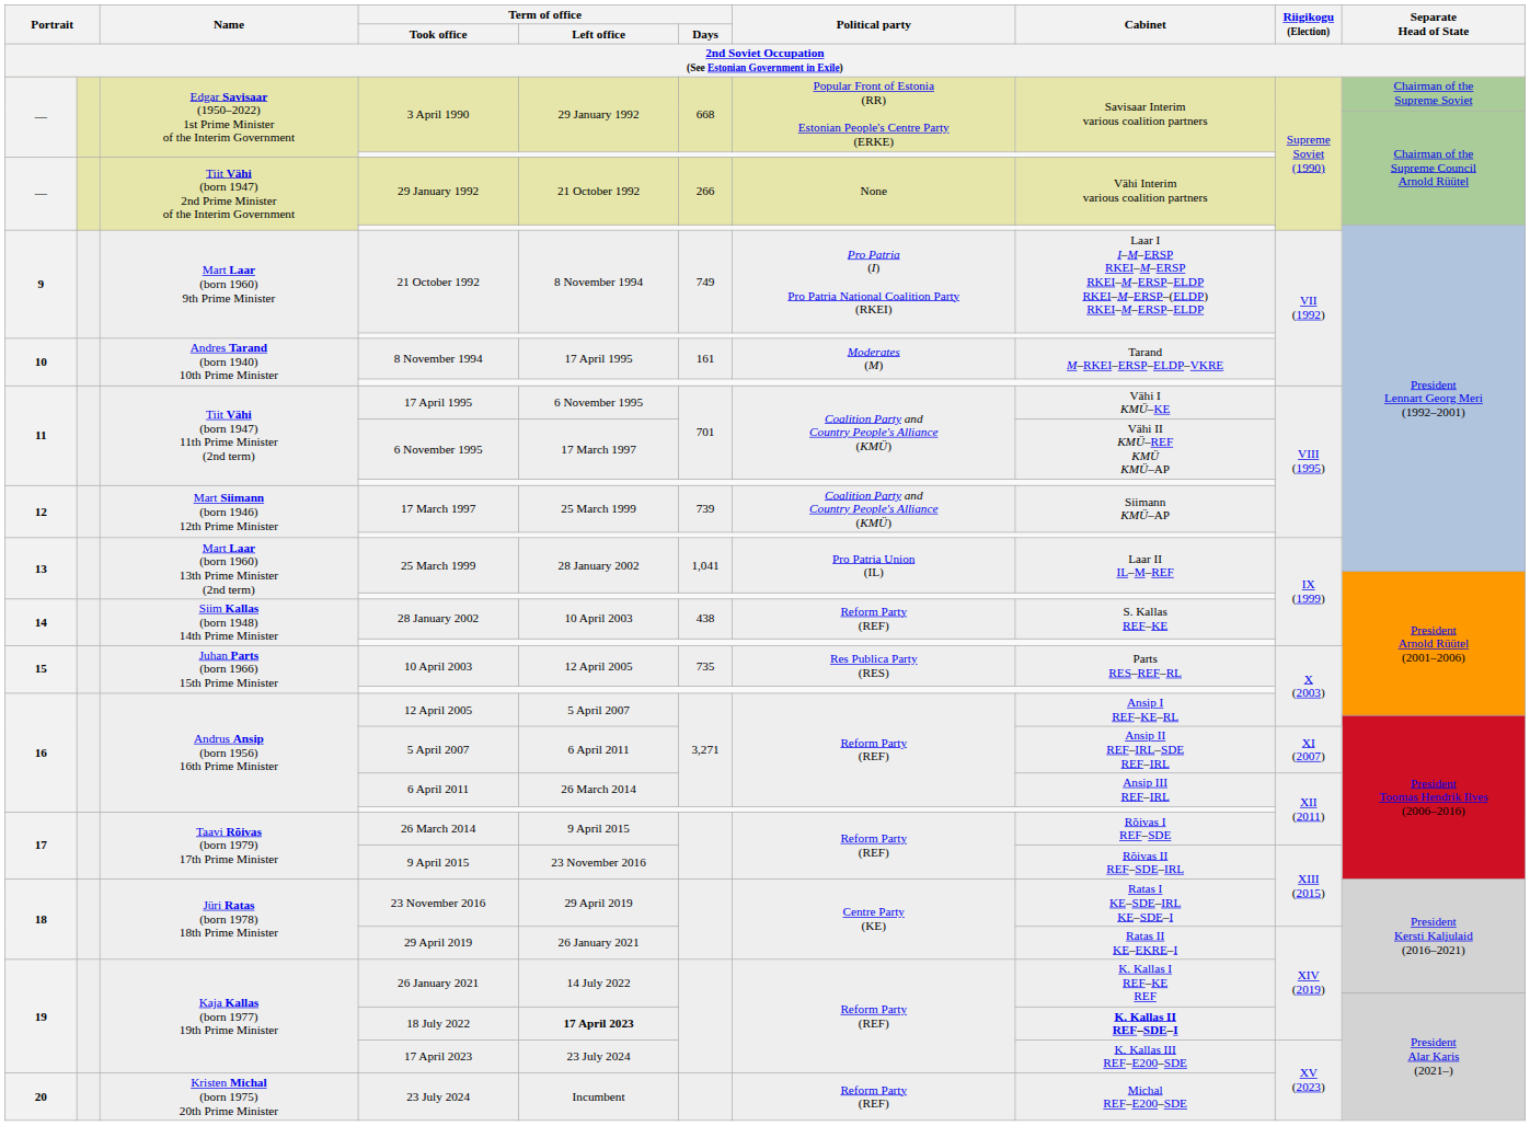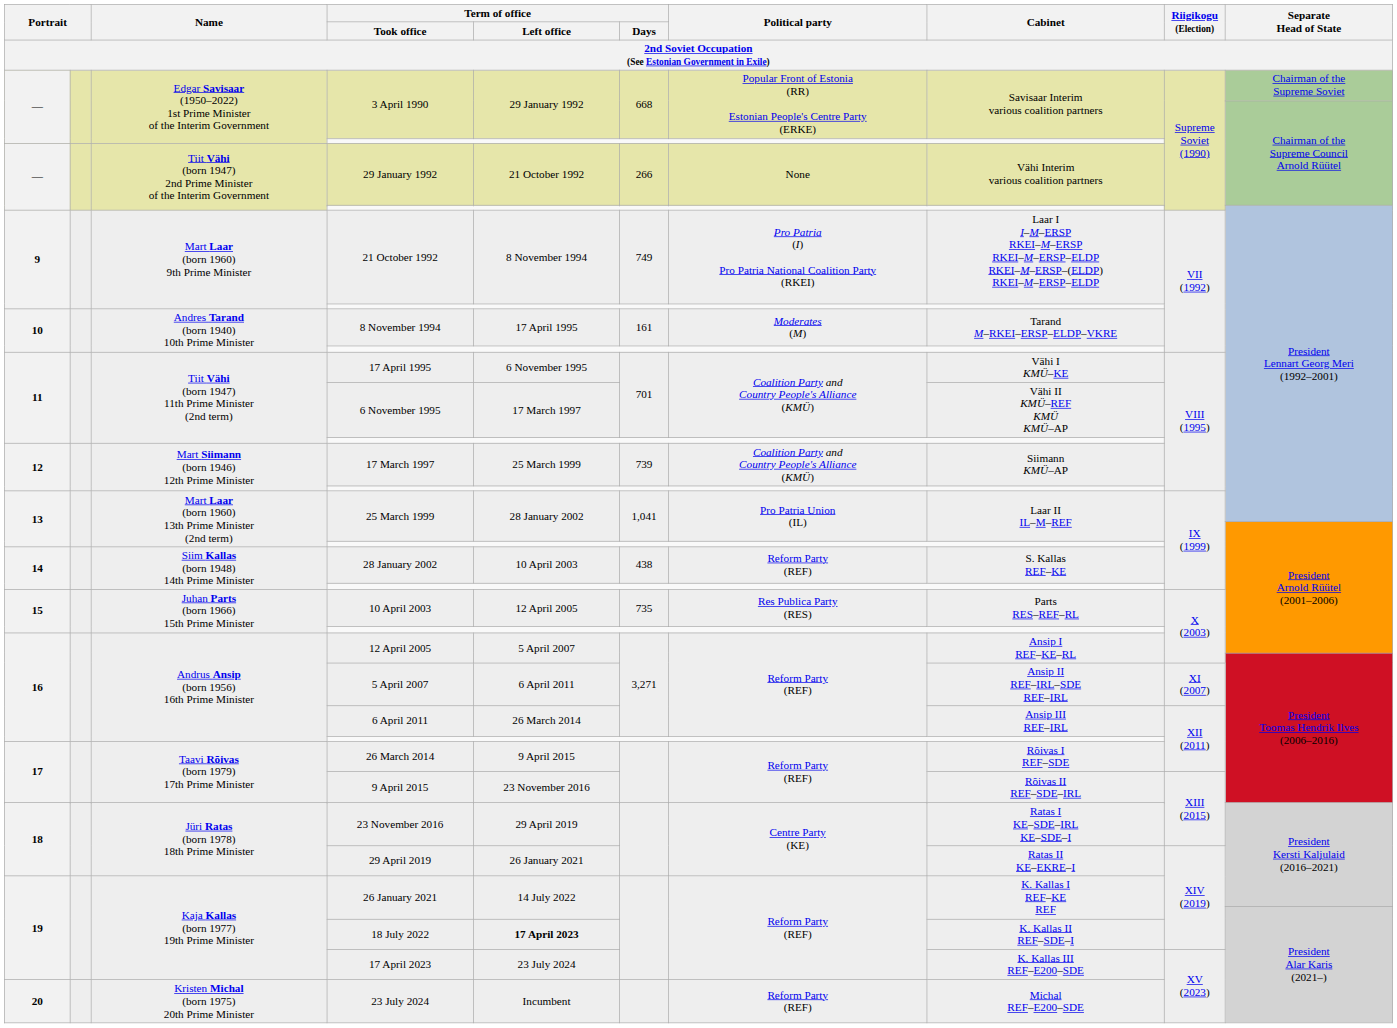 <table class="wikitable" style="text-align:center; width:100%; border:1px #AAAAFF solid">
 <tr>
 <th width=70 colspan=2 rowspan=2>Portrait</th>
 <th width=17% rowspan=2>Name</th>
 <th width=200 colspan=3>Term of office</th>
 <th rowspan=2>Political party</th>
 <th rowspan=2>Cabinet</th>
 <th width=80 rowspan=2><a href='#'>Riigikogu</a><br><small>(Election)</small></th>
 <th rowspan=2>Separate<br>Head of State</th>
 </tr>
 <tr>
 <th>Took office</th>
 <th>Left office</th>
 <th>Days</th>
 </tr>
 <tr>
 <th colspan=10><a href='#'>2nd Soviet Occupation</a><br><small>(See <a href='#'>Estonian Government in Exile</a>)</small></th>
 </tr>
 <tr bgcolor=#E6E6AA>
 <th rowspan=3 style="background:">—</th>
 <td rowspan=3></td>
 <td rowspan=3><a href='#'>Edgar <strong>Savisaar</strong></a><br>(1950–2022)<br>1st Prime Minister<br>of the Interim Government</td>
 <td rowspan=2>3 April 1990<br></td>
 <td rowspan=2>29 January 1992</td>
 <td rowspan=2>668</td>
 <td rowspan=2><a href='#'>Popular Front of Estonia</a><br>(<abbr>RR</abbr>)<br><br><a href='#'>Estonian People's Centre Party</a><br>(ERKE)</td>
 <td rowspan=2>Savisaar Interim<br>various coalition partners</td>
 <td rowspan=6><a href='#'>Supreme<br>Soviet<br>(1990)</a><br></td>
 <td bgcolor=#AACC99><a href='#'>Chairman of the<br>Supreme Soviet</a></td>
 </tr>
 <tr>
 <td bgcolor=#AACC99 rowspan=3><a href='#'>Chairman of the<br>Supreme Council</a><br><a href='#'>Arnold Rüütel</a><br></td>
 </tr>
 <tr>
 <td colspan="5" style="text-align:left;"></td>
 </tr>
 <tr bgcolor=#E6E6AA style="height:12ex" >
 <th rowspan=3 style="background:">—</th>
 <td rowspan=3></td>
 <td rowspan=3><a href='#'>Tiit <strong>Vähi</strong></a><br>(born 1947)<br>2nd Prime Minister<br>of the Interim Government</td>
 <td rowspan=2>29 January 1992</td>
 <td rowspan=2>21 October 1992</td>
 <td rowspan=2>266</td>
 <td rowspan=2>None</td>
 <td rowspan=2>Vähi Interim<br>various coalition partners</td>
 </tr>
 <tr>
 <td bgcolor=lightsteelblue rowspan=12><a href='#'>President</a><br><a href='#'>Lennart Georg Meri</a><br>(1992–2001)<br></td>
 </tr>
 <tr>
 <td colspan="5" style="text-align:left;"></td>
 </tr>
 <tr bgcolor=#EEEEEE>
 <th rowspan=2 style="background:">9</th>
 <td rowspan=2></td>
 <td rowspan=2><a href='#'>Mart <strong>Laar</strong></a><br>(born 1960)<br>9th Prime Minister</td>
 <td>21 October 1992</td>
 <td>8 November 1994</td>
 <td>749</td>
 <td><a href='#'><em>Pro Patria</em></a><br>(<em>I</em>)<br><br><a href='#'>Pro Patria National Coalition Party</a><br>(RKEI)</td>
 <td>Laar I<br><em><a href='#'>I</a></em>–<em><a href='#'>M</a></em>–<a href='#'>ERSP</a><br><a href='#'>RKEI</a>–<em><a href='#'>M</a></em>–<a href='#'>ERSP</a><br><a href='#'>RKEI</a>–<em><a href='#'>M</a></em>–<a href='#'>ERSP</a>–<a href='#'>ELDP</a><br><a href='#'>RKEI</a>–<em><a href='#'>M</a></em>–<a href='#'>ERSP</a>–(<a href='#'>ELDP</a>)<br><a href='#'>RKEI</a>–<em><a href='#'>M</a></em>–<a href='#'>ERSP</a>–<a href='#'>ELDP</a><br><br></td>
 <td rowspan=4><a href='#'>VII</a><br>(<a href='#'>1992</a>)</td>
 </tr>
 <tr>
 <td colspan="5" style="text-align:left;"></td>
 </tr>
 <tr bgcolor=#EEEEEE>
 <th rowspan=2 style="background:">10</th>
 <td rowspan=2></td>
 <td rowspan=2><a href='#'>Andres <strong>Tarand</strong></a><br>(born 1940)<br>10th Prime Minister</td>
 <td>8 November 1994</td>
 <td>17 April 1995</td>
 <td>161</td>
 <td><a href='#'><em>Moderates</em></a><br>(<em>M</em>)<br></td>
 <td>Tarand<br><em><a href='#'>M</a></em>–<a href='#'>RKEI</a>–<a href='#'>ERSP</a>–<a href='#'>ELDP</a>–<a href='#'>VKRE</a><br></td>
 </tr>
 <tr>
 <td colspan="5" style="text-align:left;"></td>
 </tr>
 <tr bgcolor=#EEEEEE>
 <th rowspan=3 style="background:">11</th>
 <td rowspan=3></td>
 <td rowspan=3><a href='#'>Tiit <strong>Vähi</strong></a><br>(born 1947)<br>11th Prime Minister<br>(2nd term)</td>
 <td>17 April 1995</td>
 <td>6 November 1995</td>
 <td rowspan=2>701</td>
 <td rowspan=2><em><a href='#'>Coalition Party</a> and<br><a href='#'>Country People's Alliance</a></em><br>(<em>KMÜ</em>)</td>
 <td>Vähi I<br><em>KMÜ</em>–<a href='#'>KE</a></td>
 <td rowspan=5><a href='#'>VIII</a><br>(<a href='#'>1995</a>)</td>
 </tr>
 <tr bgcolor=#EEEEEE>
 <td>6 November 1995</td>
 <td>17 March 1997</td>
 <td>Vähi II<br><em>KMÜ</em>–<a href='#'>REF</a><br><em>KMÜ</em><br><em>KMÜ</em>–<abbr>AP</abbr><br></td>
 </tr>
 <tr>
 <td colspan="5" style="text-align:left;"></td>
 </tr>
 <tr bgcolor=#EEEEEE>
 <th rowspan=2 style="background:">12</th>
 <td rowspan=2></td>
 <td rowspan=2><a href='#'>Mart <strong>Siimann</strong></a><br>(born 1946)<br>12th Prime Minister</td>
 <td>17 March 1997</td>
 <td>25 March 1999</td>
 <td>739</td>
 <td><em><a href='#'>Coalition Party</a> and<br><a href='#'>Country People's Alliance</a></em><br>(<em>KMÜ</em>)</td>
 <td>Siimann<br><em>KMÜ</em>–AP</td>
 </tr>
 <tr>
 <td colspan="5" style="text-align:left;"></td>
 </tr>
 <tr bgcolor=#EEEEEE style="height:6ex" >
 <th rowspan=3 style="background:">13</th>
 <td rowspan=3></td>
 <td rowspan=3><a href='#'>Mart <strong>Laar</strong></a><br>(born 1960)<br>13th Prime Minister<br>(2nd term)</td>
 <td rowspan=2>25 March 1999</td>
 <td rowspan=2>28 January 2002</td>
 <td rowspan=2>1,041</td>
 <td rowspan=2><a href='#'>Pro Patria Union</a><br>(IL)</td>
 <td rowspan=2>Laar II<br><a href='#'>IL</a>–<a href='#'>M</a>–<a href='#'>REF</a></td>
 <td rowspan=5><a href='#'>IX</a><br>(<a href='#'>1999</a>)</td>
 </tr>
 <tr>
 <td bgcolor=#FF9900 rowspan=7><a href='#'>President</a><br><a href='#'>Arnold Rüütel</a><br>(2001–2006)<br></td>
 </tr>
 <tr>
 <td colspan="5" style="text-align:left;"></td>
 </tr>
 <tr bgcolor=#EEEEEE>
 <th rowspan=2 style="background:">14</th>
 <td rowspan=2></td>
 <td rowspan=2><a href='#'>Siim <strong>Kallas</strong></a><br>(born 1948)<br>14th Prime Minister</td>
 <td>28 January 2002</td>
 <td>10 April 2003</td>
 <td>438</td>
 <td><a href='#'>Reform Party</a><br>(REF)</td>
 <td>S. Kallas<br><a href='#'>REF</a>–<a href='#'>KE</a></td>
 </tr>
 <tr>
 <td colspan="5" style="text-align:left;"></td>
 </tr>
 <tr bgcolor=#EEEEEE>
 <th rowspan=2 style="background:">15</th>
 <td rowspan=2></td>
 <td rowspan=2><a href='#'>Juhan <strong>Parts</strong></a><br>(born 1966)<br>15th Prime Minister</td>
 <td>10 April 2003</td>
 <td>12 April 2005</td>
 <td>735</td>
 <td><a href='#'>Res Publica Party</a><br>(RES)</td>
 <td>Parts<br><a href='#'>RES</a>–<a href='#'>REF</a>–<a href='#'>RL</a></td>
 <td rowspan=4><a href='#'>X</a><br>(<a href='#'>2003</a>)</td>
 </tr>
 <tr>
 <td colspan="5" style="text-align:left;"></td>
 </tr>
 <tr bgcolor=#EEEEEE style="height:4ex" >
 <th rowspan=5 style="background:">16</th>
 <td rowspan=5></td>
 <td rowspan=5><a href='#'>Andrus <strong>Ansip</strong></a><br>(born 1956)<br>16th Prime Minister</td>
 <td rowspan=2>12 April 2005</td>
 <td rowspan=2>5 April 2007</td>
 <td rowspan=4>3,271</td>
 <td rowspan=4><a href='#'>Reform Party</a><br>(REF)</td>
 <td rowspan=2><a href='#'>Ansip I</a><br><a href='#'>REF</a>–<a href='#'>KE</a>–<a href='#'>RL</a></td>
 </tr>
 <tr>
 <td bgcolor=#CF1024 rowspan=6><a href='#'>President</a><br><a href='#'>Toomas Hendrik Ilves</a><br>(2006–2016)<br></td>
 </tr>
 <tr bgcolor=#EEEEEE>
 <td>5 April 2007</td>
 <td>6 April 2011</td>
 <td><a href='#'>Ansip II</a><br><a href='#'>REF</a>–<a href='#'>IRL</a>–<a href='#'>SDE</a><br><a href='#'>REF</a>–<a href='#'>IRL</a><br></td>
 <td><a href='#'>XI</a><br>(<a href='#'>2007</a>)</td>
 </tr>
 <tr bgcolor=#EEEEEE>
 <td>6 April 2011</td>
 <td>26 March 2014</td>
 <td><a href='#'>Ansip III</a><br><a href='#'>REF</a>–<a href='#'>IRL</a></td>
 <td rowspan=3><a href='#'>XII</a><br>(<a href='#'>2011</a>)</td>
 </tr>
 <tr>
 <td colspan="5" style="text-align:left;"></td>
 </tr>
 <tr bgcolor=#EEEEEE>
 <th rowspan=3 style="background:">17</th>
 <td rowspan=3></td>
 <td rowspan=3><a href='#'>Taavi <strong>Rõivas</strong></a><br>(born 1979)<br>17th Prime Minister</td>
 <td>26 March 2014</td>
 <td>9 April 2015</td>
 <td rowspan=3></td>
 <td rowspan=3><a href='#'>Reform Party</a><br>(REF)</td>
 <td><a href='#'>Rõivas I</a><br><a href='#'>REF</a>–<a href='#'>SDE</a></td>
 </tr>
 <tr bgcolor=#EEEEEE style="height:6ex" >
 <td rowspan=2>9 April 2015</td>
 <td rowspan=2>23 November 2016</td>
 <td rowspan=2><a href='#'>Rõivas II</a><br><a href='#'>REF</a>–<a href='#'>SDE</a>–<a href='#'>IRL</a></td>
 <td rowspan=3><a href='#'>XIII</a><br>(<a href='#'>2015</a>)</td>
 </tr>
 <tr>
 <td bgcolor=#D3D3D3 rowspan=4><a href='#'>President</a><br><a href='#'>Kersti Kaljulaid</a><br>(2016–2021)</td>
 </tr>
 <tr bgcolor=#EEEEEE>
 <th rowspan="2" style="background:">18</th>
 <td rowspan="2"></td>
 <td rowspan="2"><a href='#'>Jüri <strong>Ratas</strong></a><br>(born 1978)<br>18th Prime Minister</td>
 <td>23 November 2016</td>
 <td>29 April 2019</td>
 <td rowspan="2"></td>
 <td rowspan="2"><a href='#'>Centre Party</a><br>(KE)</td>
 <td><a href='#'>Ratas I</a><br><a href='#'>KE</a>–<a href='#'>SDE</a>–<a href='#'>IRL</a><br><a href='#'>KE</a>–<a href='#'>SDE</a>–<a href='#'>I</a><br></td>
 </tr>
 <tr bgcolor=#EEEEEE>
 <td>29 April 2019</td>
 <td>26 January 2021</td>
 <td><a href='#'>Ratas II</a><br><a href='#'>KE</a>–<a href='#'>EKRE</a>–<a href='#'>I</a><br></td>
 <td rowspan=4><a href='#'>XIV</a><br>(<a href='#'>2019</a>)</td>
 </tr>
 <tr bgcolor=#EEEEEE style="height:6ex" >
 <th rowspan=4 style="background:">19</th>
 <td rowspan=4></td>
 <td rowspan=4><a href='#'>Kaja <strong>Kallas</strong></a><br>(born 1977)<br>19th Prime Minister</td>
 <td rowspan=2>26 January 2021</td>
 <td rowspan=2>14 July 2022</td>
 <td rowspan=4></td>
 <td rowspan=4><a href='#'>Reform Party</a><br>(REF)</td>
 <td rowspan=2><a href='#'>K. Kallas I</a><br><a href='#'>REF</a>–<a href='#'>KE</a><br><a href='#'>REF</a><br></td>
 </tr>
 <tr>
 <td bgcolor=#D3D3D3 rowspan=4><a href='#'>President</a><br><a href='#'>Alar Karis</a><br>(2021–)</td>
 </tr>
 <tr bgcolor=#EEEEEE>
 <td>18 July 2022</td>
 <td><strong>17 April 2023</strong></td>
-<td><strong><a href='#'>K. Kallas II</a><br><a href='#'>REF</a>–<a href='#'>SDE</a>–<a href='#'>I</a></strong></td>
+<td><a href='#'>K. Kallas II</a><br><a href='#'>REF</a>–<a href='#'>SDE</a>–<a href='#'>I</a></td>
 </tr>
 <tr bgcolor=#EEEEEE>
 <td>17 April 2023</td>
 <td>23 July 2024</td>
 <td><a href='#'>K. Kallas III</a><br><a href='#'>REF</a>–<a href='#'>E200</a>–<a href='#'>SDE</a><br></td>
 <td rowspan=2><a href='#'>XV</a><br>(<a href='#'>2023</a>)</td>
 </tr>
 <tr bgcolor=#EEEEEE>
 <th rowspan=1 style="background:">20</th>
 <td rowspan=1></td>
 <td rowspan=1><a href='#'>Kristen <strong>Michal</strong></a><br>(born 1975)<br>20th Prime Minister</td>
 <td>23 July 2024</td>
 <td>Incumbent</td>
 <td rowspan=1></td>
 <td rowspan=1><a href='#'>Reform Party</a><br>(REF)</td>
 <td><a href='#'>Michal</a><br><a href='#'>REF</a>–<a href='#'>E200</a>–<a href='#'>SDE</a><br></td>
 </tr>
 </table>
